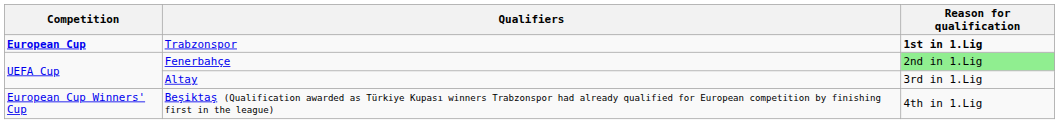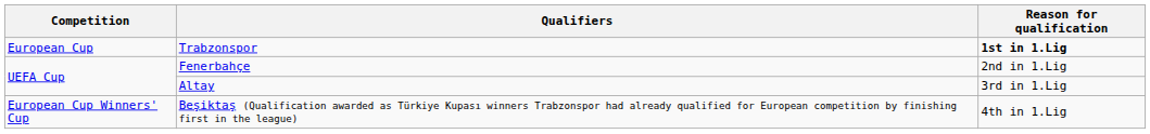 <table class="wikitable">
 <tr>
 <th>Competition</th>
 <th>Qualifiers</th>
 <th>Reason for qualification</th>
 </tr>
 <tr>
-<td rowspan="1"><strong><a href='#'>European Cup</a></strong></td>
+<td rowspan="1"><a href='#'>European Cup</a></td>
 <td><a href='#'>Trabzonspor</a></td>
 <td><strong>1st in 1.Lig</strong></td>
 </tr>
 <tr>
 <td rowspan="2"><a href='#'>UEFA Cup</a></td>
 <td><a href='#'>Fenerbahçe</a></td>
-<td style="background: lightgreen;">2nd in 1.Lig</td>
+<td>2nd in 1.Lig</td>
 </tr>
 <tr>
 <td><a href='#'>Altay</a></td>
 <td>3rd in 1.Lig</td>
 </tr>
 <tr>
 <td rowspan="1"><a href='#'>European Cup Winners' Cup</a></td>
 <td><a href='#'>Beşiktaş</a> <small>(Qualification awarded as Türkiye Kupası winners Trabzonspor had already qualified for European competition by finishing first in the league)</small></td>
 <td>4th in 1.Lig</td>
 </tr>
 </table>
